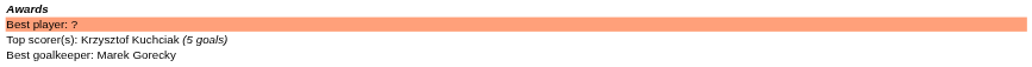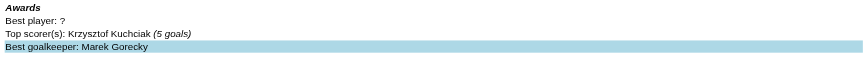 <table width=100% cellspacing=1 style="font-size: 90%;">
 <tr>
 <td><strong><em>Awards</em></strong></td>
 </tr>
 <tr>
-<td style="background: lightsalmon;">Best player:  ?</td>
+<td>Best player:  ?</td>
 </tr>
 <tr>
 <td colspan=4>Top scorer(s):  Krzysztof Kuchciak <em>(5 goals)</em></td>
 </tr>
 <tr>
-<td>Best goalkeeper:  Marek Gorecky</td>
+<td style="background: lightblue;">Best goalkeeper:  Marek Gorecky</td>
 </tr>
 </table>
